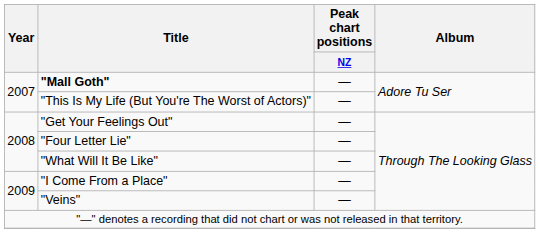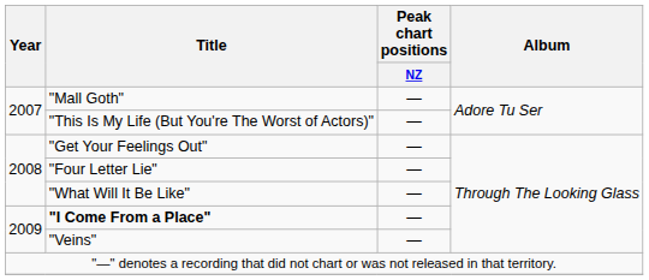 <table class="wikitable plainrowheaders">
 <tr>
 <th rowspan="2"  width="1em">Year</th>
 <th rowspan="2">Title</th>
 <th width="3em">Peak chart positions</th>
 <th rowspan="2">Album</th>
 </tr>
 <tr>
 <th><small><a href='#'>NZ</a></small></th>
 </tr>
 <tr>
 <td rowspan="2">2007</td>
-<td><strong>"Mall Goth"</strong></td>
+<td>"Mall Goth"</td>
 <td align="center">—</td>
 <td rowspan="2"><em>Adore Tu Ser</em></td>
 </tr>
 <tr>
 <td>"This Is My Life (But You're The Worst of Actors)"</td>
 <td align="center">—</td>
 </tr>
 <tr>
 <td rowspan="3">2008</td>
 <td>"Get Your Feelings Out"</td>
 <td align="center">—</td>
 <td rowspan="5"><em>Through The Looking Glass</em></td>
 </tr>
 <tr>
 <td>"Four Letter Lie"</td>
 <td align="center">—</td>
 </tr>
 <tr>
 <td>"What Will It Be Like"</td>
 <td align="center">—</td>
 </tr>
 <tr>
 <td rowspan="2">2009</td>
-<td>"I Come From a Place"</td>
+<td><strong>"I Come From a Place"</strong></td>
 <td align="center">—</td>
 </tr>
 <tr>
 <td>"Veins"</td>
 <td align="center">—</td>
 </tr>
 <tr>
 <td colspan="4" style="font-size:90%" align="center">"—" denotes a recording that did not chart or was not released in that territory.</td>
 </tr>
 <tr>
 </tr>
 </table>
